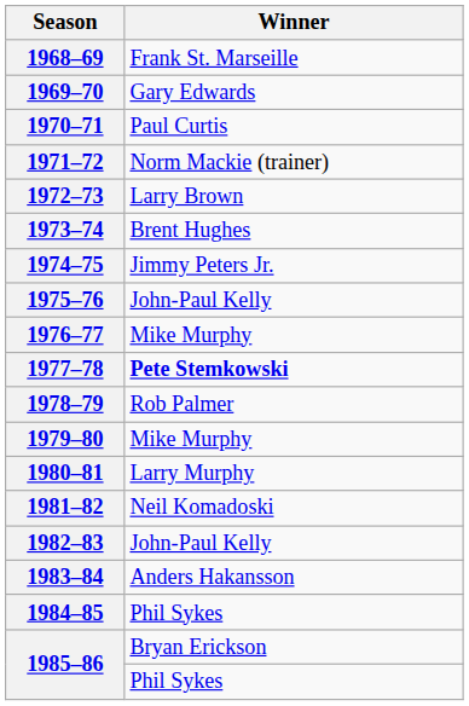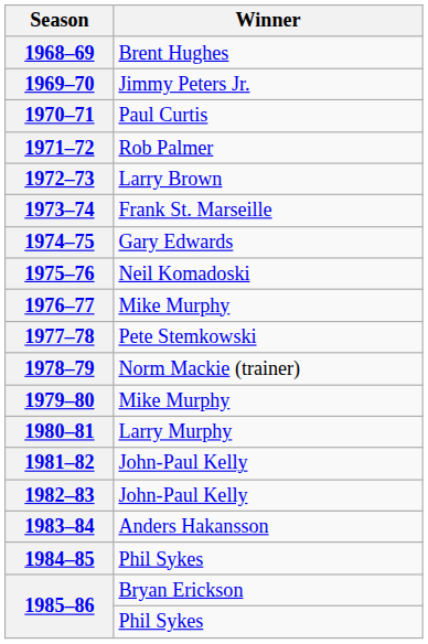 <table class="wikitable">
 <tr>
 <th scope="col" style="width:5em">Season</th>
 <th scope="col" style="width:15em">Winner</th>
 </tr>
 <tr>
 <th scope="row"><a href='#'>1968–69</a></th>
-<td><a href='#'>Frank St. Marseille</a></td>
+<td><a href='#'>Brent Hughes</a></td>
 </tr>
 <tr>
 <th scope="row"><a href='#'>1969–70</a></th>
-<td><a href='#'>Gary Edwards</a></td>
+<td><a href='#'>Jimmy Peters Jr.</a></td>
 </tr>
 <tr>
 <th scope="row"><a href='#'>1970–71</a></th>
 <td><a href='#'>Paul Curtis</a></td>
 </tr>
 <tr>
 <th scope="row"><a href='#'>1971–72</a></th>
-<td><a href='#'>Norm Mackie</a> (trainer)</td>
+<td><a href='#'>Rob Palmer</a></td>
 </tr>
 <tr>
 <th scope="row"><a href='#'>1972–73</a></th>
 <td><a href='#'>Larry Brown</a></td>
 </tr>
 <tr>
 <th scope="row"><a href='#'>1973–74</a></th>
-<td><a href='#'>Brent Hughes</a></td>
+<td><a href='#'>Frank St. Marseille</a></td>
 </tr>
 <tr>
 <th scope="row"><a href='#'>1974–75</a></th>
-<td><a href='#'>Jimmy Peters Jr.</a></td>
+<td><a href='#'>Gary Edwards</a></td>
 </tr>
 <tr>
 <th scope="row"><a href='#'>1975–76</a></th>
-<td><a href='#'>John-Paul Kelly</a></td>
+<td><a href='#'>Neil Komadoski</a></td>
 </tr>
 <tr>
 <th scope="row"><a href='#'>1976–77</a></th>
 <td><a href='#'>Mike Murphy</a></td>
 </tr>
 <tr>
 <th scope="row"><a href='#'>1977–78</a></th>
-<td><strong><a href='#'>Pete Stemkowski</a></strong></td>
+<td><a href='#'>Pete Stemkowski</a></td>
 </tr>
 <tr>
 <th scope="row"><a href='#'>1978–79</a></th>
-<td><a href='#'>Rob Palmer</a></td>
+<td><a href='#'>Norm Mackie</a> (trainer)</td>
 </tr>
 <tr>
 <th scope="row"><a href='#'>1979–80</a></th>
 <td><a href='#'>Mike Murphy</a></td>
 </tr>
 <tr>
 <th scope="row"><a href='#'>1980–81</a></th>
 <td><a href='#'>Larry Murphy</a></td>
 </tr>
 <tr>
 <th scope="row"><a href='#'>1981–82</a></th>
-<td><a href='#'>Neil Komadoski</a></td>
+<td><a href='#'>John-Paul Kelly</a></td>
 </tr>
 <tr>
 <th scope="row"><a href='#'>1982–83</a></th>
 <td><a href='#'>John-Paul Kelly</a></td>
 </tr>
 <tr>
 <th scope="row"><a href='#'>1983–84</a></th>
 <td><a href='#'>Anders Hakansson</a></td>
 </tr>
 <tr>
 <th scope="row"><a href='#'>1984–85</a></th>
 <td><a href='#'>Phil Sykes</a></td>
 </tr>
 <tr>
 <th scope="row" rowspan="2"><a href='#'>1985–86</a></th>
 <td><a href='#'>Bryan Erickson</a></td>
 </tr>
 <tr>
 <td><a href='#'>Phil Sykes</a></td>
 </tr>
 </table>
